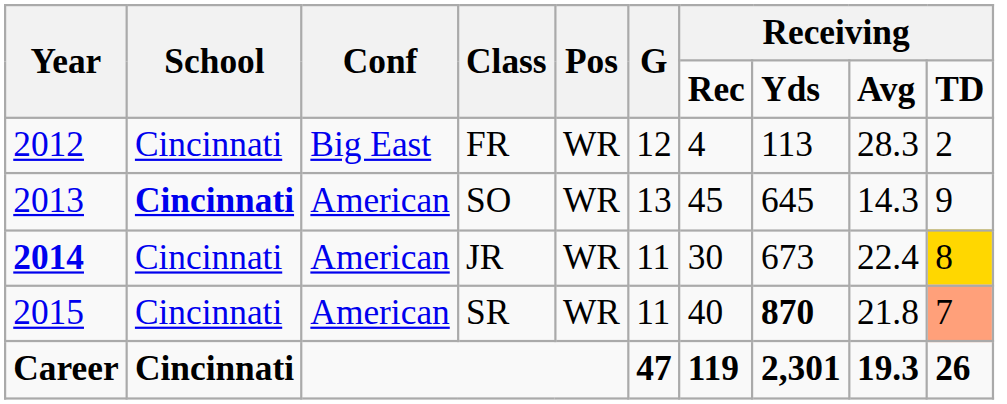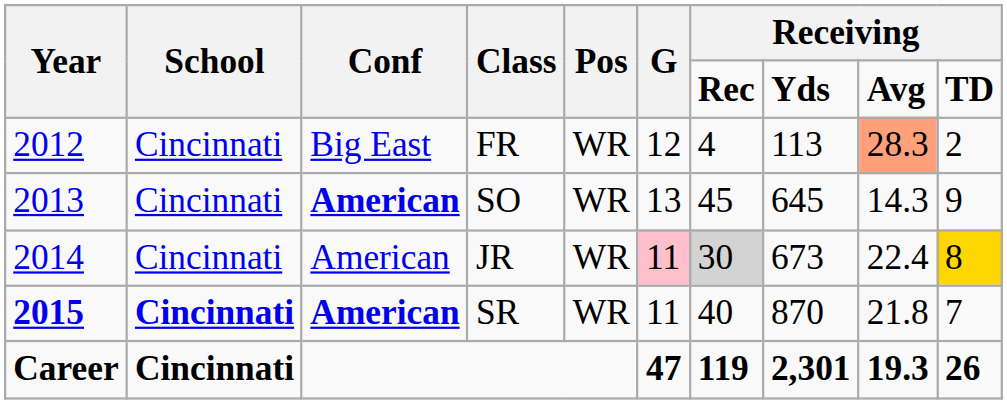 <table class="wikitable">
 <tr>
 <th rowspan="2">Year</th>
 <th rowspan="2">School</th>
 <th rowspan="2">Conf</th>
 <th rowspan="2">Class</th>
 <th rowspan="2">Pos</th>
 <th rowspan="2">G</th>
 <th colspan="4" style="text-align: center; font-weight:bold;">Receiving</th>
 </tr>
 <tr>
 <td style="font-weight:bold;">Rec</td>
 <td style="font-weight:bold;">Yds</td>
 <td style="font-weight:bold;">Avg</td>
 <td style="font-weight:bold;">TD</td>
 </tr>
 <tr>
 <td><a href='#'>2012</a></td>
 <td><a href='#'>Cincinnati</a></td>
 <td><a href='#'>Big East</a></td>
 <td>FR</td>
 <td>WR</td>
 <td>12</td>
 <td>4</td>
 <td>113</td>
-<td>28.3</td>
+<td style="background: lightsalmon;">28.3</td>
 <td>2</td>
 </tr>
 <tr>
 <td><a href='#'>2013</a></td>
-<td><strong><a href='#'>Cincinnati</a></strong></td>
-<td><a href='#'>American</a></td>
+<td><a href='#'>Cincinnati</a></td>
+<td><strong><a href='#'>American</a></strong></td>
 <td>SO</td>
 <td>WR</td>
 <td>13</td>
 <td>45</td>
 <td>645</td>
 <td>14.3</td>
 <td>9</td>
 </tr>
 <tr>
-<td><strong><a href='#'>2014</a></strong></td>
+<td><a href='#'>2014</a></td>
 <td><a href='#'>Cincinnati</a></td>
 <td><a href='#'>American</a></td>
 <td>JR</td>
 <td>WR</td>
-<td>11</td>
-<td>30</td>
+<td style="background: pink;">11</td>
+<td style="background: lightgrey;">30</td>
 <td>673</td>
 <td>22.4</td>
 <td style="background: gold;">8</td>
 </tr>
 <tr>
-<td><a href='#'>2015</a></td>
-<td><a href='#'>Cincinnati</a></td>
-<td><a href='#'>American</a></td>
+<td><strong><a href='#'>2015</a></strong></td>
+<td><strong><a href='#'>Cincinnati</a></strong></td>
+<td><strong><a href='#'>American</a></strong></td>
 <td>SR</td>
 <td>WR</td>
 <td>11</td>
 <td>40</td>
-<td><strong>870</strong></td>
+<td>870</td>
 <td>21.8</td>
-<td style="background: lightsalmon;">7</td>
+<td>7</td>
 </tr>
 <tr>
 <td style="font-weight:bold;">Career</td>
 <td style="font-weight:bold;">Cincinnati</td>
 <td colspan="3" style="font-weight:bold;"></td>
 <td style="font-weight:bold;">47</td>
 <td style="font-weight:bold;">119</td>
 <td style="font-weight:bold;">2,301</td>
 <td style="font-weight:bold;">19.3</td>
 <td style="font-weight:bold;">26</td>
 </tr>
 </table>
